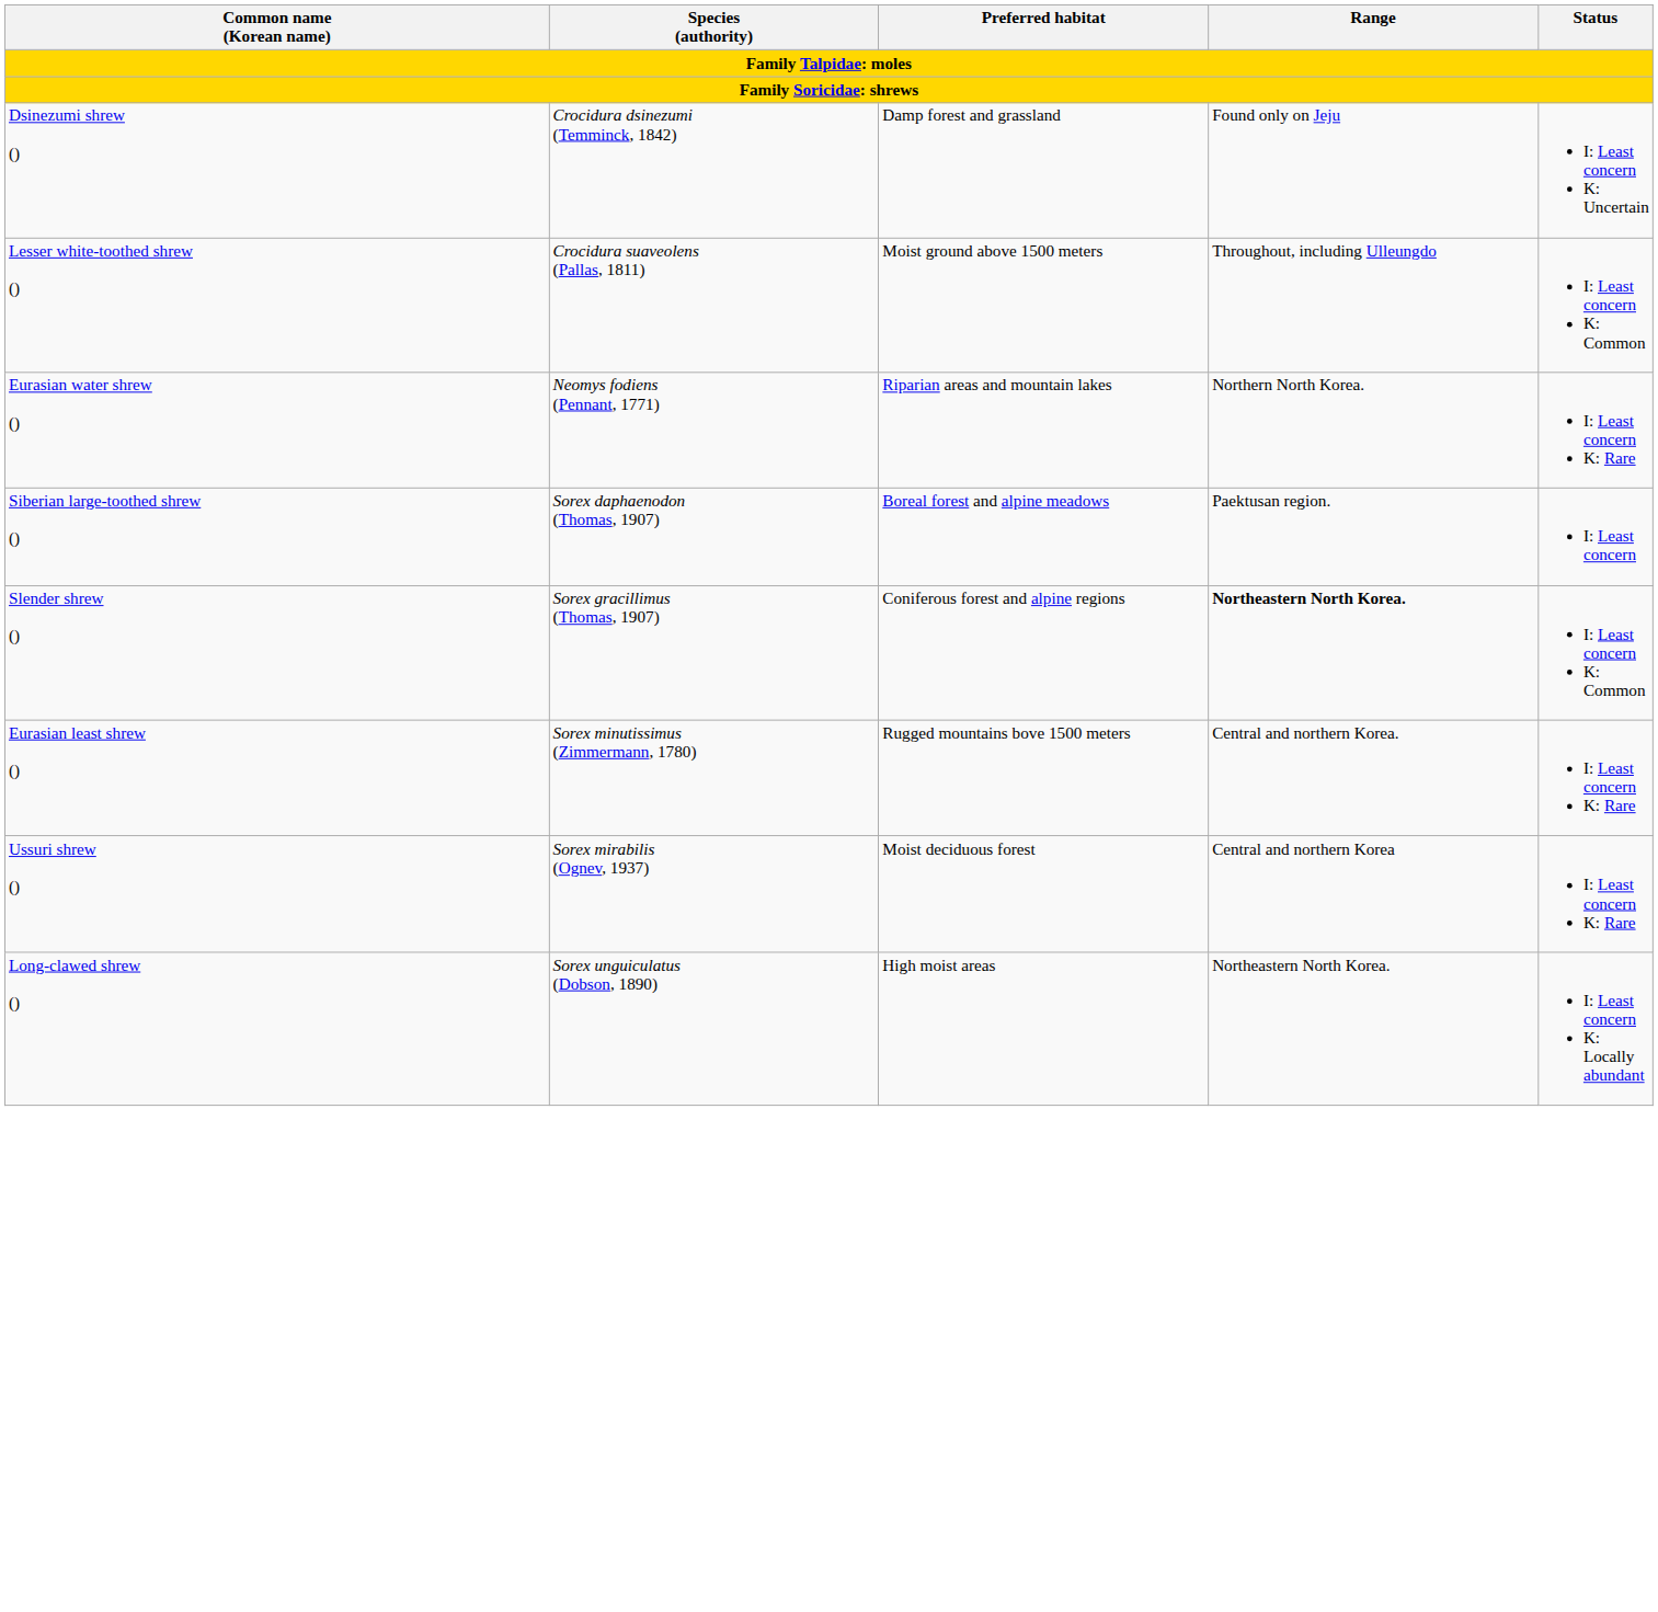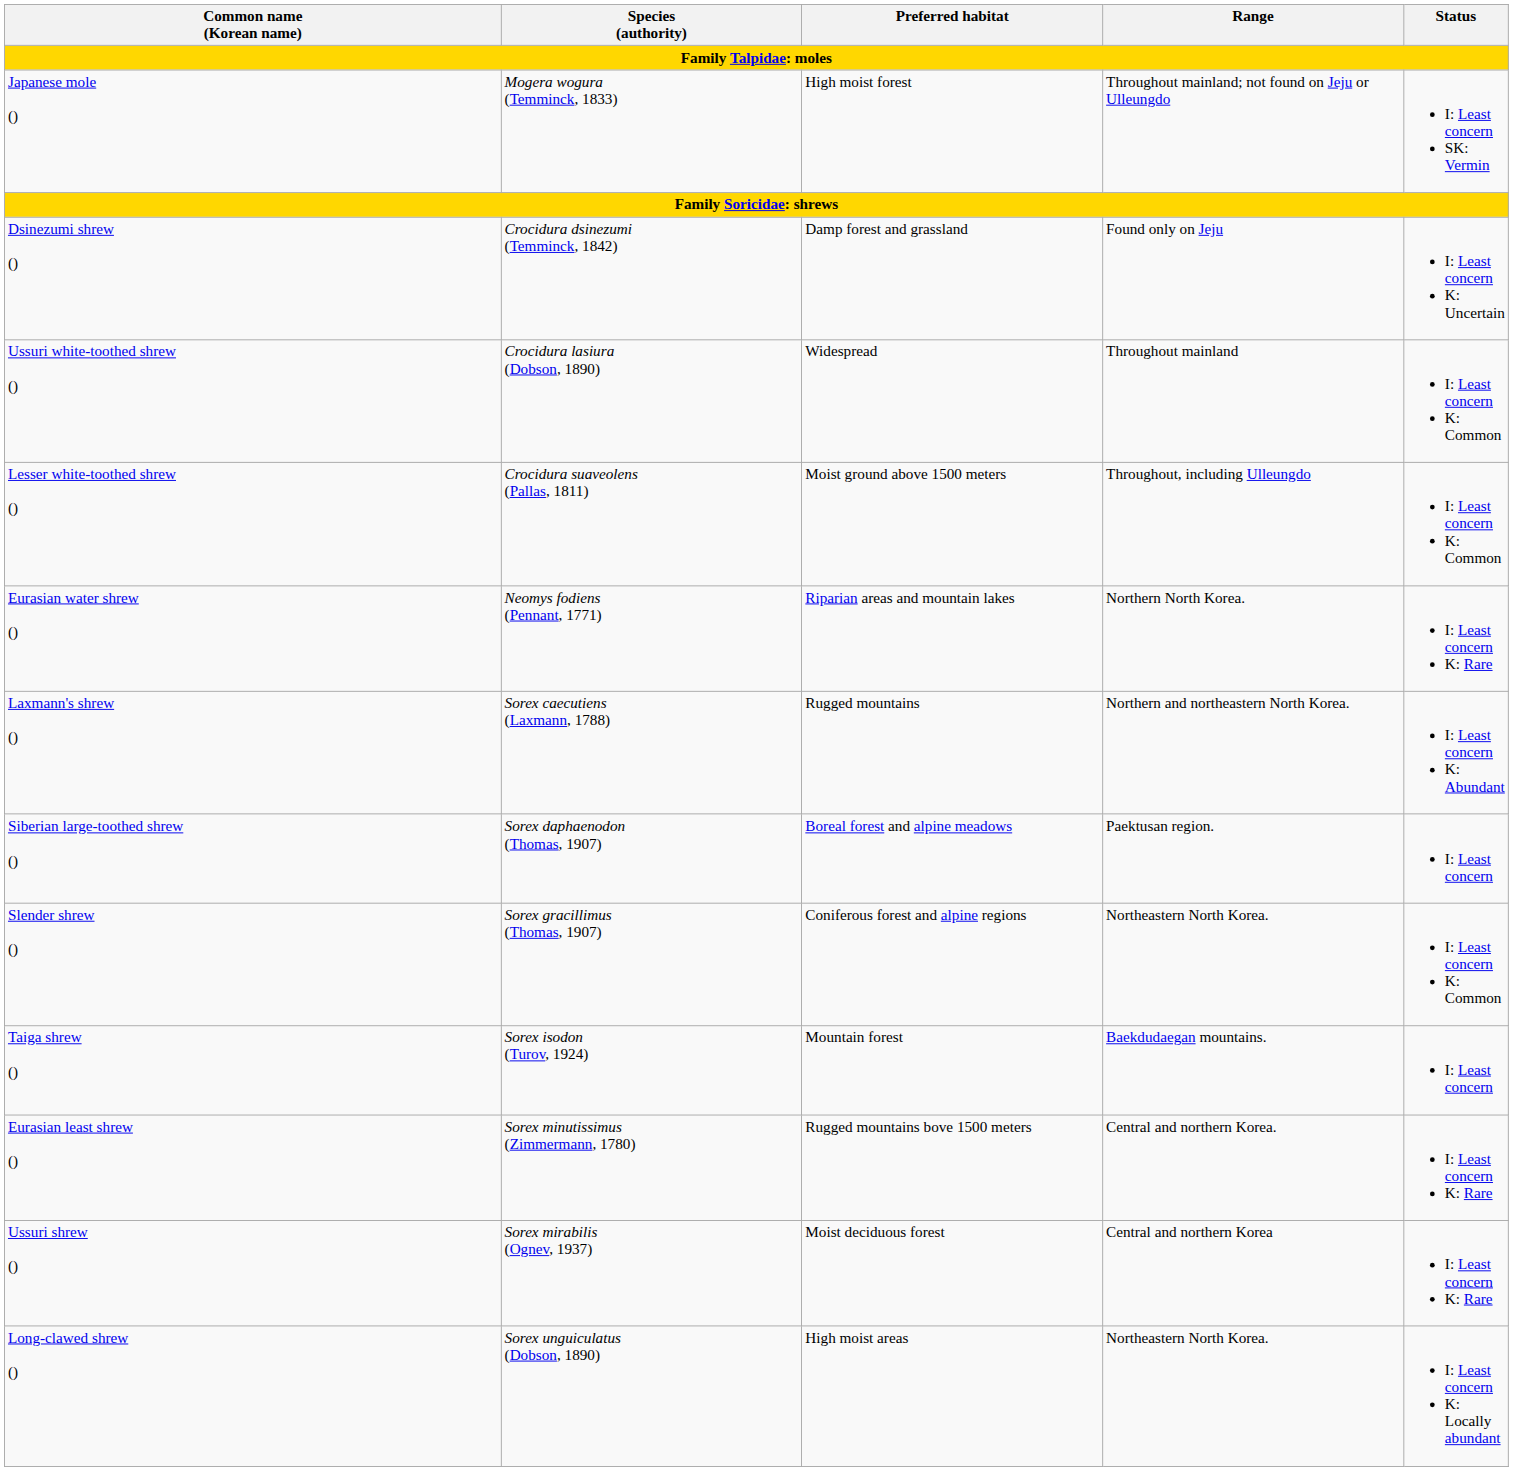 <table width=100% class="wikitable" style="text-align:left;">
 <tr valign="top">
 <th>Common name<br>(Korean name)</th>
 <th width="20%">Species<br>(authority)</th>
 <th width="20%">Preferred habitat</th>
 <th width="20%">Range</th>
 <th width="15em">Status</th>
 </tr>
 <tr>
 <td style="text-align:center;background:gold;" colspan=5><strong>Family <a href='#'>Talpidae</a>: moles</strong></td>
 </tr>
+<tr valign="top">
+<td><a href='#'>Japanese mole</a><br> <br>()</td>
+<td><em>Mogera wogura</em><br>(<a href='#'>Temminck</a>, 1833)</td>
+<td>High moist forest</td>
+<td>Throughout mainland; not found on <a href='#'>Jeju</a> or <a href='#'>Ulleungdo</a></td>
+<td><br><ul><li>I: <a href='#'>Least concern</a></li><li>SK: <a href='#'>Vermin</a></li></ul></td>
+</tr>
 <tr>
 <td style="text-align:center;background:gold;" colspan=5><strong>Family <a href='#'>Soricidae</a>: shrews</strong></td>
 </tr>
 <tr valign="top">
 <td><a href='#'>Dsinezumi shrew</a><br><br>()</td>
 <td><em>Crocidura dsinezumi</em><br>(<a href='#'>Temminck</a>, 1842)</td>
 <td>Damp forest and grassland</td>
 <td>Found only on <a href='#'>Jeju</a></td>
 <td><br><ul><li>I: <a href='#'>Least concern</a></li><li>K: Uncertain</li></ul></td>
+</tr>
+<tr valign="top">
+<td><a href='#'>Ussuri white-toothed shrew</a><br><br>()</td>
+<td><em>Crocidura lasiura</em><br>(<a href='#'>Dobson</a>, 1890)</td>
+<td>Widespread</td>
+<td>Throughout mainland</td>
+<td><br><ul><li>I: <a href='#'>Least concern</a></li><li>K: Common</li></ul></td>
 </tr>
 <tr valign="top">
 <td><a href='#'>Lesser white-toothed shrew</a><br> <br>()</td>
 <td><em>Crocidura suaveolens</em><br>(<a href='#'>Pallas</a>, 1811)</td>
 <td>Moist ground above 1500 meters</td>
 <td>Throughout, including <a href='#'>Ulleungdo</a></td>
 <td><br><ul><li>I: <a href='#'>Least concern</a></li><li>K: Common</li></ul></td>
 </tr>
 <tr valign="top">
 <td><a href='#'>Eurasian water shrew</a><br> <br>()</td>
 <td><em>Neomys fodiens</em><br>(<a href='#'>Pennant</a>, 1771)</td>
 <td><a href='#'>Riparian</a> areas and mountain lakes</td>
 <td>Northern North Korea.</td>
 <td><br><ul><li>I: <a href='#'>Least concern</a></li><li>K: <a href='#'>Rare</a></li></ul></td>
 </tr>
 <tr valign="top">
+<td><a href='#'>Laxmann's shrew</a><br><br>()</td>
+<td><em>Sorex caecutiens</em><br>(<a href='#'>Laxmann</a>, 1788)</td>
+<td>Rugged mountains</td>
+<td>Northern and northeastern North Korea.</td>
+<td><br><ul><li>I: <a href='#'>Least concern</a></li><li>K: <a href='#'>Abundant</a></li></ul></td>
+</tr>
+<tr valign="top">
 <td><a href='#'>Siberian large-toothed shrew</a><br><br>()</td>
 <td><em>Sorex daphaenodon</em><br>(<a href='#'>Thomas</a>, 1907)</td>
 <td><a href='#'>Boreal forest</a> and <a href='#'>alpine meadows</a></td>
 <td>Paektusan region.</td>
 <td><br><ul><li>I: <a href='#'>Least concern</a></li></ul></td>
 </tr>
 <tr valign="top">
 <td><a href='#'>Slender shrew</a><br><br>()</td>
 <td><em>Sorex gracillimus</em><br>(<a href='#'>Thomas</a>, 1907)</td>
 <td>Coniferous forest and <a href='#'>alpine</a> regions</td>
-<td><strong>Northeastern North Korea.</strong></td>
+<td>Northeastern North Korea.</td>
 <td><br><ul><li>I: <a href='#'>Least concern</a></li><li>K: Common</li></ul></td>
+</tr>
+<tr valign="top">
+<td><a href='#'>Taiga shrew</a><br><br>()</td>
+<td><em>Sorex isodon</em><br>(<a href='#'>Turov</a>, 1924)</td>
+<td>Mountain forest</td>
+<td><a href='#'>Baekdudaegan</a> mountains.</td>
+<td><br><ul><li>I: <a href='#'>Least concern</a></li></ul></td>
 </tr>
 <tr valign="top">
 <td><a href='#'>Eurasian least shrew</a><br> <br>()</td>
 <td><em>Sorex minutissimus</em><br>(<a href='#'>Zimmermann</a>, 1780)</td>
 <td>Rugged mountains bove 1500 meters</td>
 <td>Central and northern Korea.</td>
 <td><br><ul><li>I: <a href='#'>Least concern</a></li><li>K: <a href='#'>Rare</a></li></ul></td>
 </tr>
 <tr valign="top">
 <td><a href='#'>Ussuri shrew</a><br><br>()</td>
 <td><em>Sorex mirabilis</em><br>(<a href='#'>Ognev</a>, 1937)</td>
 <td>Moist deciduous forest</td>
 <td>Central and northern Korea</td>
 <td><br><ul><li>I: <a href='#'>Least concern</a></li><li>K: <a href='#'>Rare</a></li></ul></td>
 </tr>
 <tr valign="top">
 <td><a href='#'>Long-clawed shrew</a><br> <br>()</td>
 <td><em>Sorex unguiculatus</em><br>(<a href='#'>Dobson</a>, 1890)</td>
 <td>High moist areas</td>
 <td>Northeastern North Korea.</td>
 <td><br><ul><li>I: <a href='#'>Least concern</a></li><li>K: Locally <a href='#'>abundant</a></li></ul></td>
 </tr>
 </table>
